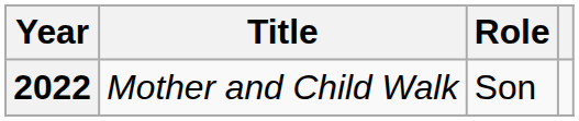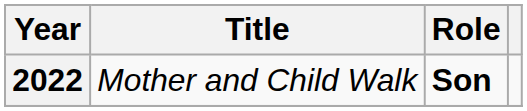 <table class="wikitable sortable plainrowheaders">
 <tr>
 <th scope="col">Year</th>
 <th scope="col">Title</th>
 <th scope="col">Role</th>
 <th scope="col" class="unsortable"></th>
 </tr>
 <tr>
 <th scope="row">2022</th>
 <td><em>Mother and Child Walk</em></td>
-<td>Son</td>
+<td><strong>Son</strong></td>
 <td></td>
 </tr>
 <tr>
 </tr>
 </table>
